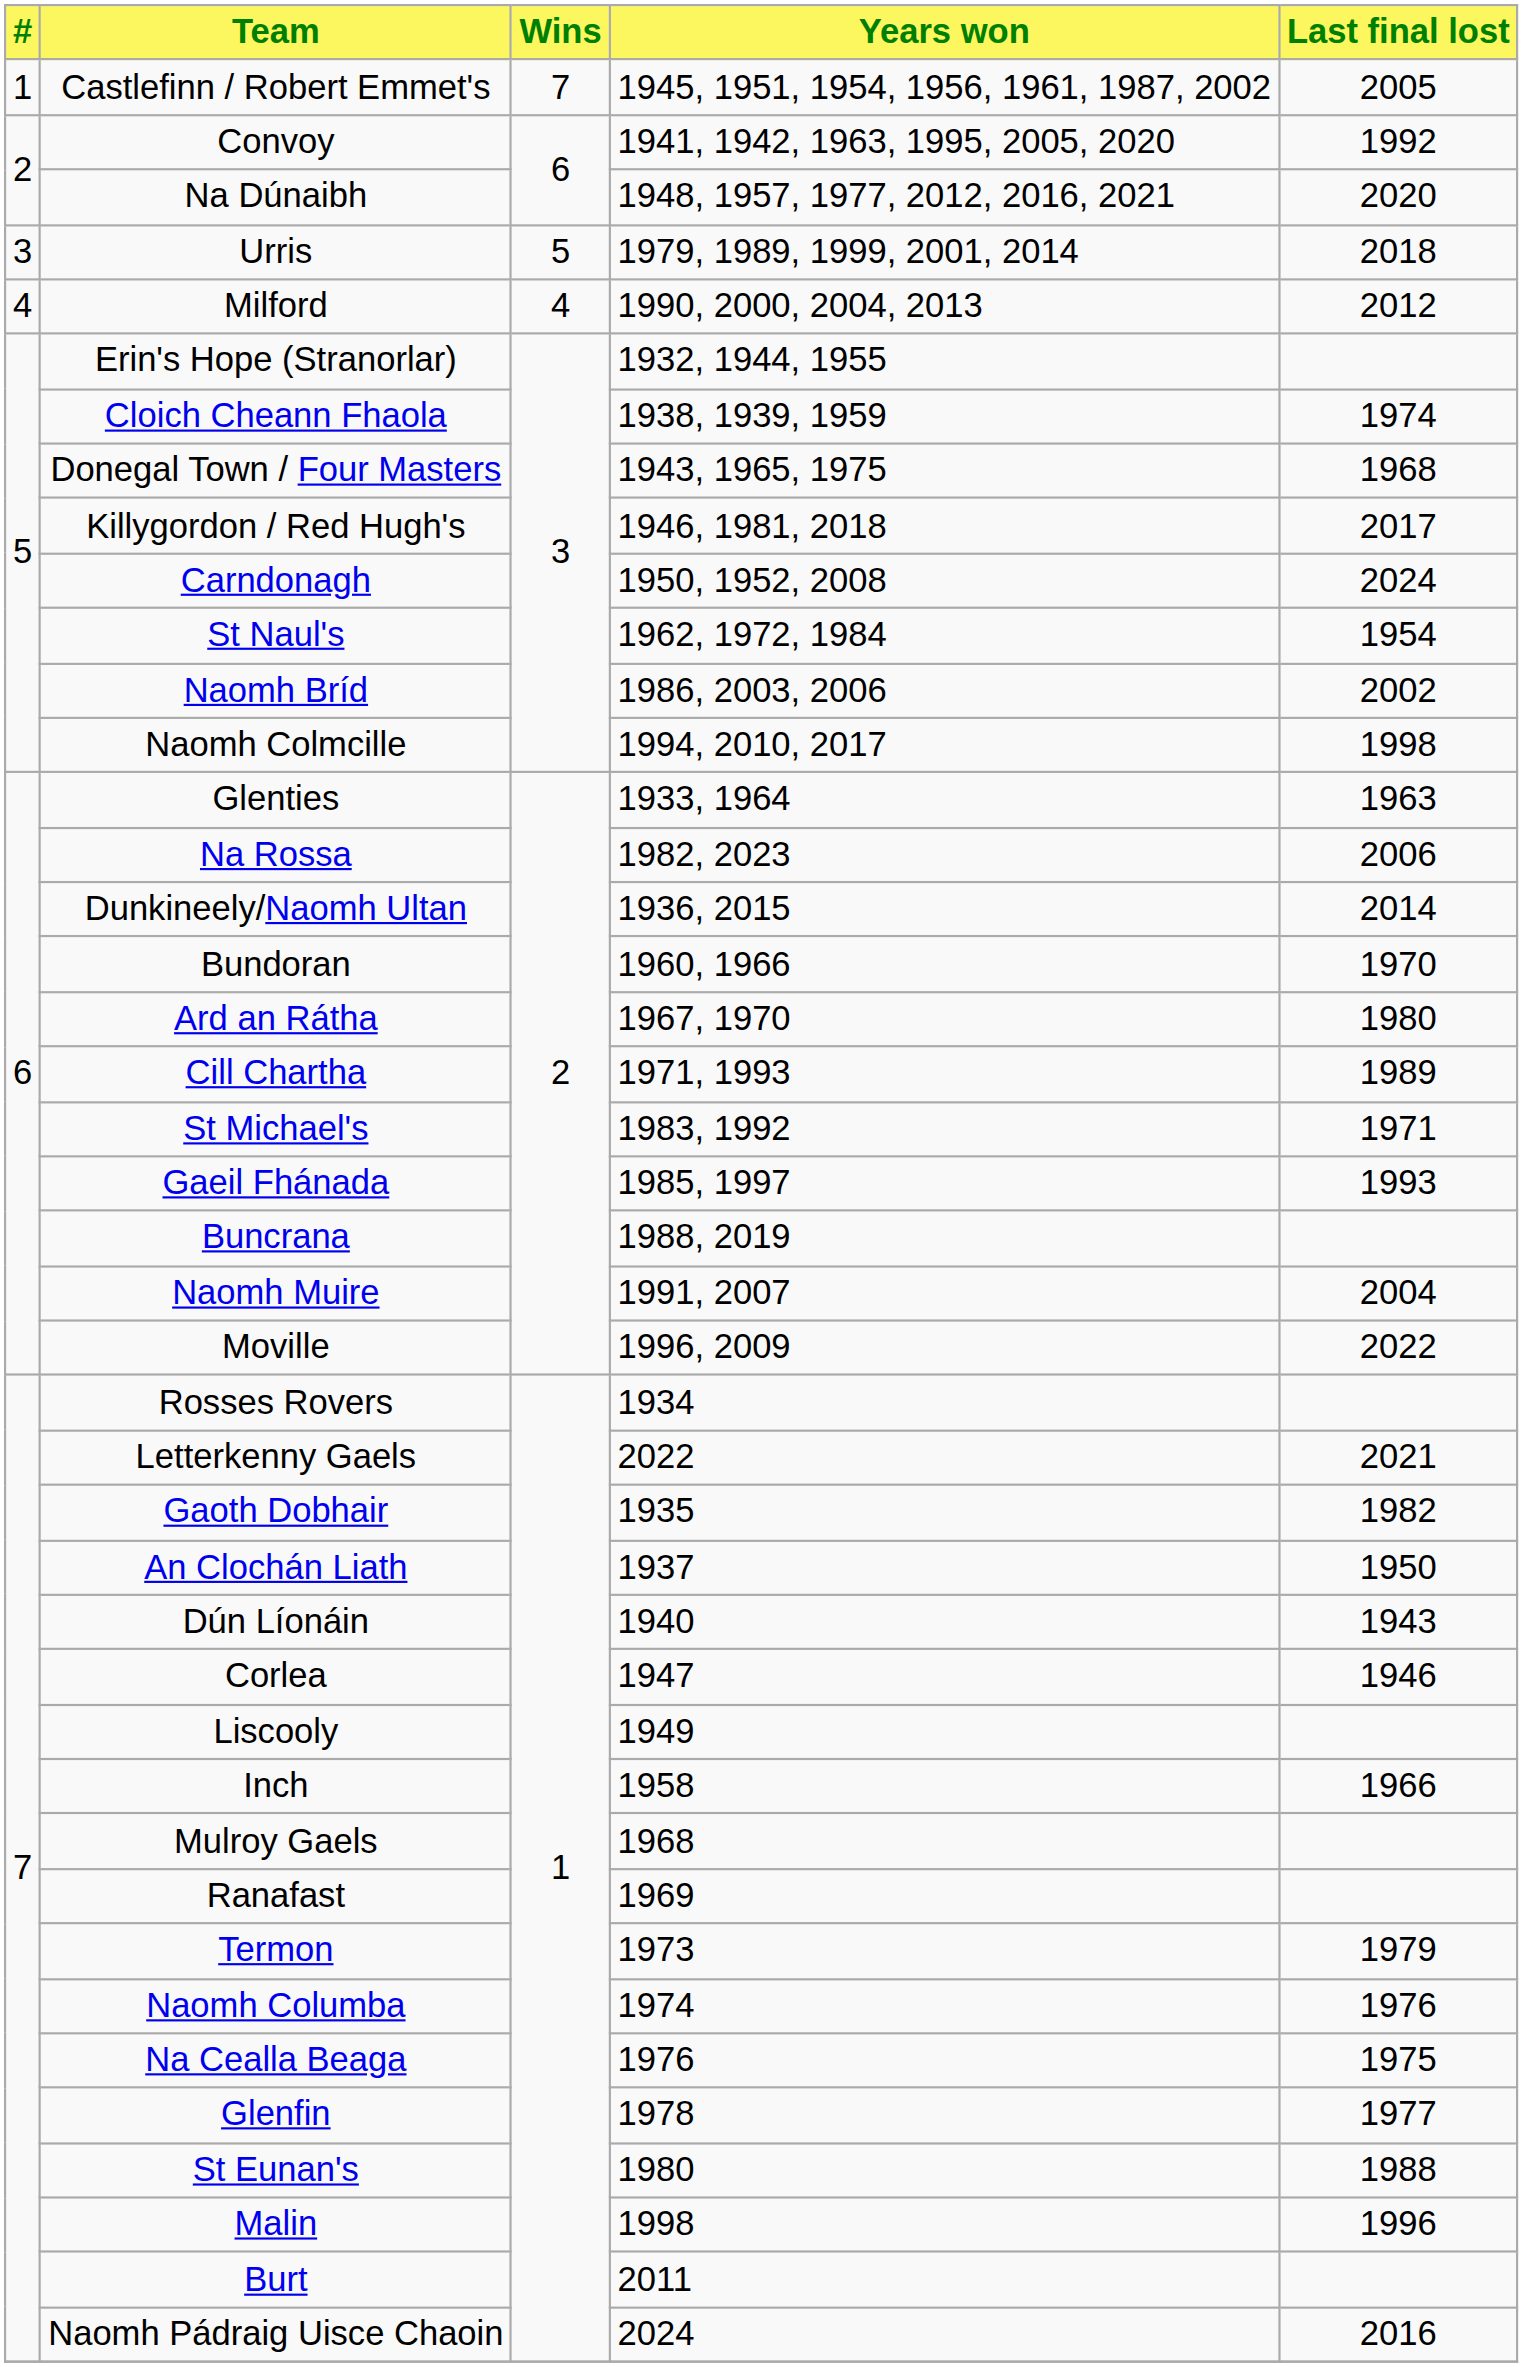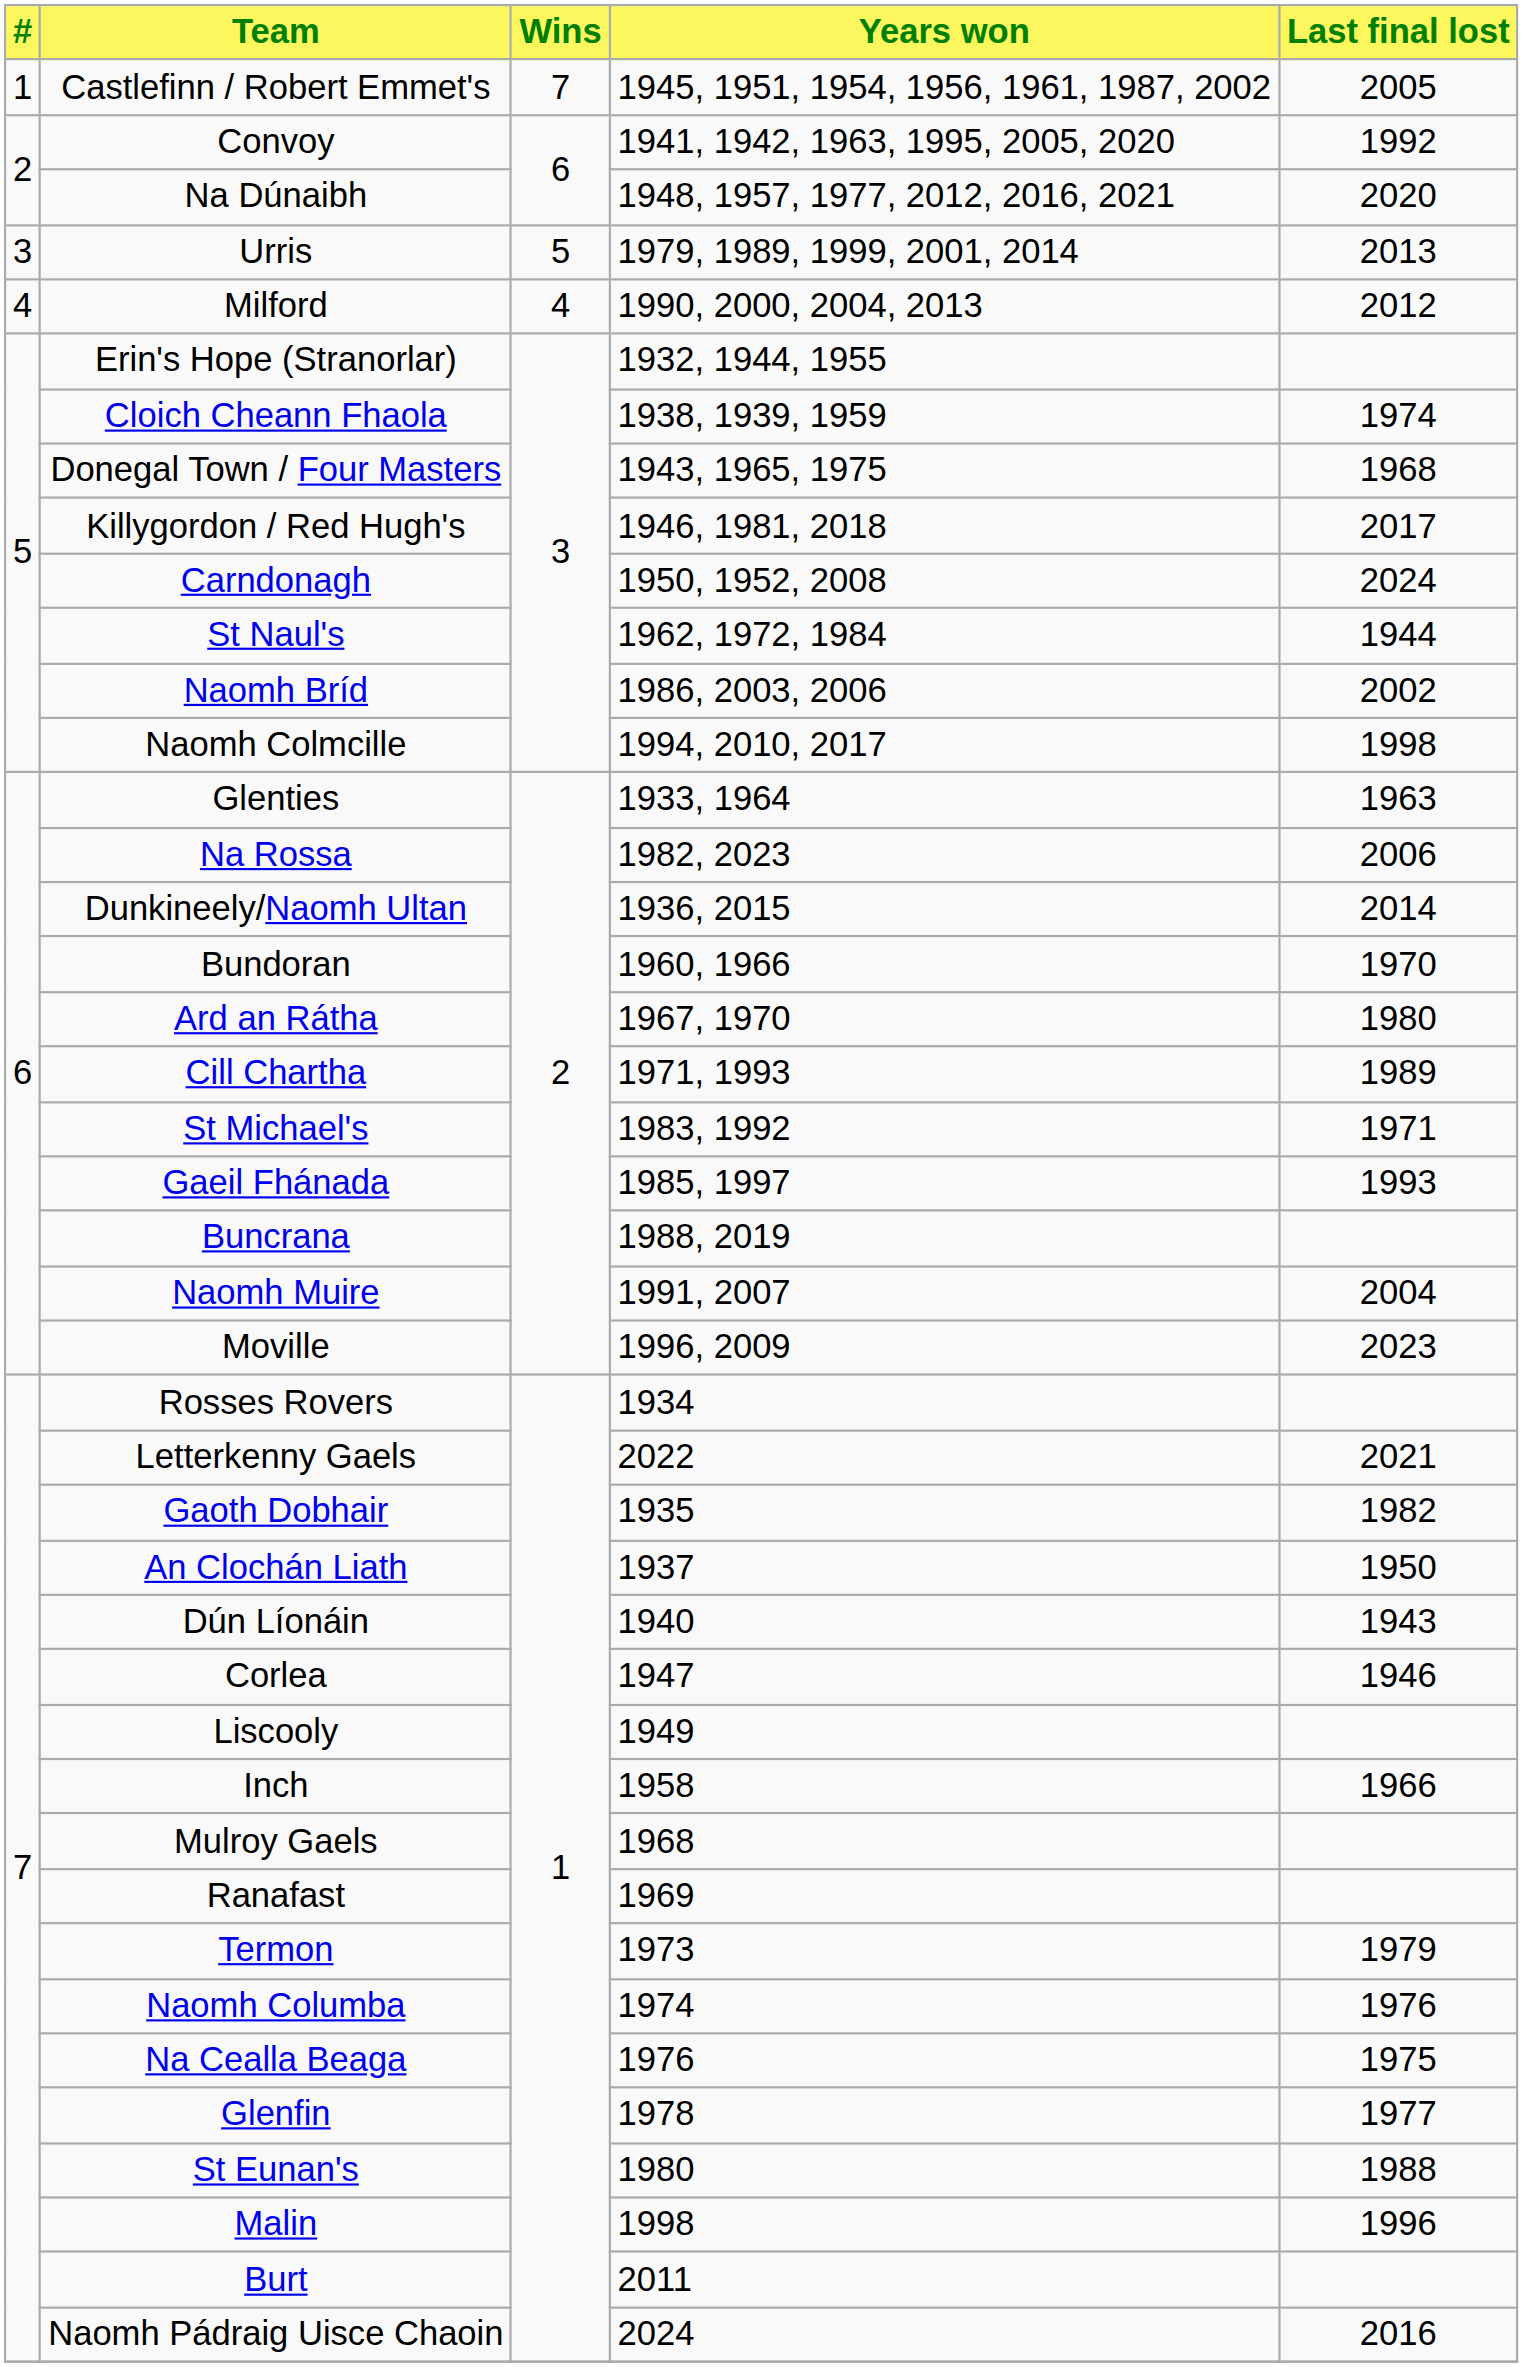 <table class="wikitable" style="text-align:center;">
 <tr>
 <th style="background:#FCF75E;color:green;">#</th>
 <th style="background:#FCF75E;color:green;">Team</th>
 <th style="background:#FCF75E;color:green;">Wins</th>
 <th style="background:#FCF75E;color:green;">Years won</th>
 <th style="background:#FCF75E;color:green;">Last final lost</th>
 </tr>
 <tr>
 <td>1</td>
 <td>Castlefinn / Robert Emmet's</td>
 <td>7</td>
 <td style="text-align:left;">1945, 1951, 1954, 1956, 1961, 1987, 2002</td>
 <td>2005</td>
 </tr>
 <tr>
 <td rowspan=2>2</td>
 <td>Convoy</td>
 <td rowspan=2>6</td>
 <td style="text-align:left;">1941, 1942, 1963, 1995, 2005, 2020</td>
 <td>1992</td>
 </tr>
 <tr>
 <td>Na Dúnaibh</td>
 <td style="text-align:left;">1948, 1957, 1977, 2012, 2016, 2021</td>
 <td>2020</td>
 </tr>
 <tr>
 <td>3</td>
 <td>Urris</td>
 <td>5</td>
 <td style="text-align:left;">1979, 1989, 1999, 2001, 2014</td>
-<td>2018</td>
+<td>2013</td>
 </tr>
 <tr>
 <td>4</td>
 <td>Milford</td>
 <td>4</td>
 <td style="text-align:left;">1990, 2000, 2004, 2013</td>
 <td>2012</td>
 </tr>
 <tr>
 <td rowspan=8>5</td>
 <td>Erin's Hope (Stranorlar)</td>
 <td rowspan=8>3</td>
 <td style="text-align:left;">1932, 1944, 1955</td>
 <td></td>
 </tr>
 <tr>
 <td><a href='#'>Cloich Cheann Fhaola</a></td>
 <td style="text-align:left;">1938, 1939, 1959</td>
 <td>1974</td>
 </tr>
 <tr>
 <td>Donegal Town / <a href='#'>Four Masters</a></td>
 <td style="text-align:left;">1943, 1965, 1975</td>
 <td>1968</td>
 </tr>
 <tr>
 <td>Killygordon / Red Hugh's</td>
 <td style="text-align:left;">1946, 1981, 2018</td>
 <td>2017</td>
 </tr>
 <tr>
 <td><a href='#'>Carndonagh</a></td>
 <td style="text-align:left;">1950, 1952, 2008</td>
 <td>2024</td>
 </tr>
 <tr>
 <td><a href='#'>St Naul's</a></td>
 <td style="text-align:left;">1962, 1972, 1984</td>
-<td>1954</td>
+<td>1944</td>
 </tr>
 <tr>
 <td><a href='#'>Naomh Bríd</a></td>
 <td style="text-align:left;">1986, 2003, 2006</td>
 <td>2002</td>
 </tr>
 <tr>
 <td>Naomh Colmcille</td>
 <td style="text-align:left;">1994, 2010, 2017</td>
 <td>1998</td>
 </tr>
 <tr>
 <td rowspan=11>6</td>
 <td>Glenties</td>
 <td rowspan=11>2</td>
 <td style="text-align:left;">1933, 1964</td>
 <td>1963</td>
 </tr>
 <tr>
 <td><a href='#'>Na Rossa</a></td>
 <td style="text-align:left;">1982, 2023</td>
 <td>2006</td>
 </tr>
 <tr>
 <td>Dunkineely/<a href='#'>Naomh Ultan</a></td>
 <td style="text-align:left;">1936, 2015</td>
 <td>2014</td>
 </tr>
 <tr>
 <td>Bundoran</td>
 <td style="text-align:left;">1960, 1966</td>
 <td>1970</td>
 </tr>
 <tr>
 <td><a href='#'>Ard an Rátha</a></td>
 <td style="text-align:left;">1967, 1970</td>
 <td>1980</td>
 </tr>
 <tr>
 <td><a href='#'>Cill Chartha</a></td>
 <td style="text-align:left;">1971, 1993</td>
 <td>1989</td>
 </tr>
 <tr>
 <td><a href='#'>St Michael's</a></td>
 <td style="text-align:left;">1983, 1992</td>
 <td>1971</td>
 </tr>
 <tr>
 <td><a href='#'>Gaeil Fhánada</a></td>
 <td style="text-align:left;">1985, 1997</td>
 <td>1993</td>
 </tr>
 <tr>
 <td><a href='#'>Buncrana</a></td>
 <td style="text-align:left;">1988, 2019</td>
 <td></td>
 </tr>
 <tr>
 <td><a href='#'>Naomh Muire</a></td>
 <td style="text-align:left;">1991, 2007</td>
 <td>2004</td>
 </tr>
 <tr>
 <td>Moville</td>
 <td style="text-align:left;">1996, 2009</td>
-<td>2022</td>
+<td>2023</td>
 </tr>
 <tr>
 <td rowspan=18>7</td>
 <td>Rosses Rovers</td>
 <td rowspan=18>1</td>
 <td style="text-align:left;">1934</td>
 <td></td>
 </tr>
 <tr>
 <td>Letterkenny Gaels</td>
 <td style="text-align:left;">2022</td>
 <td>2021</td>
 </tr>
 <tr>
 <td><a href='#'>Gaoth Dobhair</a></td>
 <td style="text-align:left;">1935</td>
 <td>1982</td>
 </tr>
 <tr>
 <td><a href='#'>An Clochán Liath</a></td>
 <td style="text-align:left;">1937</td>
 <td>1950</td>
 </tr>
 <tr>
 <td>Dún Líonáin</td>
 <td style="text-align:left;">1940</td>
 <td>1943</td>
 </tr>
 <tr>
 <td>Corlea</td>
 <td style="text-align:left;">1947</td>
 <td>1946</td>
 </tr>
 <tr>
 <td>Liscooly</td>
 <td style="text-align:left;">1949</td>
 <td></td>
 </tr>
 <tr>
 <td>Inch</td>
 <td style="text-align:left;">1958</td>
 <td>1966</td>
 </tr>
 <tr>
 <td>Mulroy Gaels</td>
 <td style="text-align:left;">1968</td>
 <td></td>
 </tr>
 <tr>
 <td>Ranafast</td>
 <td style="text-align:left;">1969</td>
 <td></td>
 </tr>
 <tr>
 <td><a href='#'>Termon</a></td>
 <td style="text-align:left;">1973</td>
 <td>1979</td>
 </tr>
 <tr>
 <td><a href='#'>Naomh Columba</a></td>
 <td style="text-align:left;">1974</td>
 <td>1976</td>
 </tr>
 <tr>
 <td><a href='#'>Na Cealla Beaga</a></td>
 <td style="text-align:left;">1976</td>
 <td>1975</td>
 </tr>
 <tr>
 <td><a href='#'>Glenfin</a></td>
 <td style="text-align:left;">1978</td>
 <td>1977</td>
 </tr>
 <tr>
 <td><a href='#'>St Eunan's</a></td>
 <td style="text-align:left;">1980</td>
 <td>1988</td>
 </tr>
 <tr>
 <td><a href='#'>Malin</a></td>
 <td style="text-align:left;">1998</td>
 <td>1996</td>
 </tr>
 <tr>
 <td><a href='#'>Burt</a></td>
 <td style="text-align:left;">2011</td>
 <td></td>
 </tr>
 <tr>
 <td>Naomh Pádraig Uisce Chaoin</td>
 <td style="text-align:left;">2024</td>
 <td>2016</td>
 </tr>
 <tr>
 </tr>
 </table>
